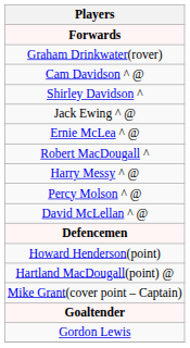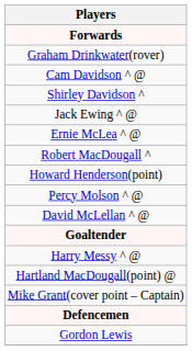 <table class="wikitable" style="text-align:center;">
 <tr>
 <th>Players</th>
 </tr>
 <tr style="font-weight:bold; background-color:#FFF5F5;">
 <td colspan="1" align="center"><strong>Forwards</strong></td>
 </tr>
 <tr>
 <td><a href='#'>Graham Drinkwater</a>(rover)</td>
 </tr>
 <tr>
 <td><a href='#'>Cam Davidson</a> ^ @</td>
 </tr>
 <tr>
 <td><a href='#'>Shirley Davidson</a> ^</td>
 </tr>
 <tr>
 <td>Jack Ewing ^ @</td>
 </tr>
 <tr>
 <td><a href='#'>Ernie McLea</a> ^ @</td>
 </tr>
 <tr>
 <td><a href='#'>Robert MacDougall</a> ^</td>
 </tr>
 <tr>
-<td><a href='#'>Harry Messy</a> ^ @</td>
+<td><a href='#'>Howard Henderson</a>(point)</td>
 </tr>
 <tr>
 <td><a href='#'>Percy Molson</a> ^ @</td>
 </tr>
 <tr>
 <td><a href='#'>David McLellan</a> ^ @</td>
 </tr>
 <tr style="font-weight:bold; background-color:#FFF5F5;">
-<td colspan="1" align="center"><strong>Defencemen</strong></td>
+<td colspan="1" align="center"><strong>Goaltender</strong></td>
 </tr>
 <tr>
-<td><a href='#'>Howard Henderson</a>(point)</td>
+<td><a href='#'>Harry Messy</a> ^ @</td>
 </tr>
 <tr>
 <td><a href='#'>Hartland MacDougall</a>(point) @</td>
 </tr>
 <tr>
 <td><a href='#'>Mike Grant</a>(cover point – Captain)</td>
 </tr>
 <tr style="font-weight:bold; background-color:#FFF5F5;">
-<td colspan="1" align="center"><strong>Goaltender</strong></td>
+<td colspan="1" align="center"><strong>Defencemen</strong></td>
 </tr>
 <tr>
 <td><a href='#'>Gordon Lewis</a></td>
 </tr>
 <tr>
 </tr>
 </table>
